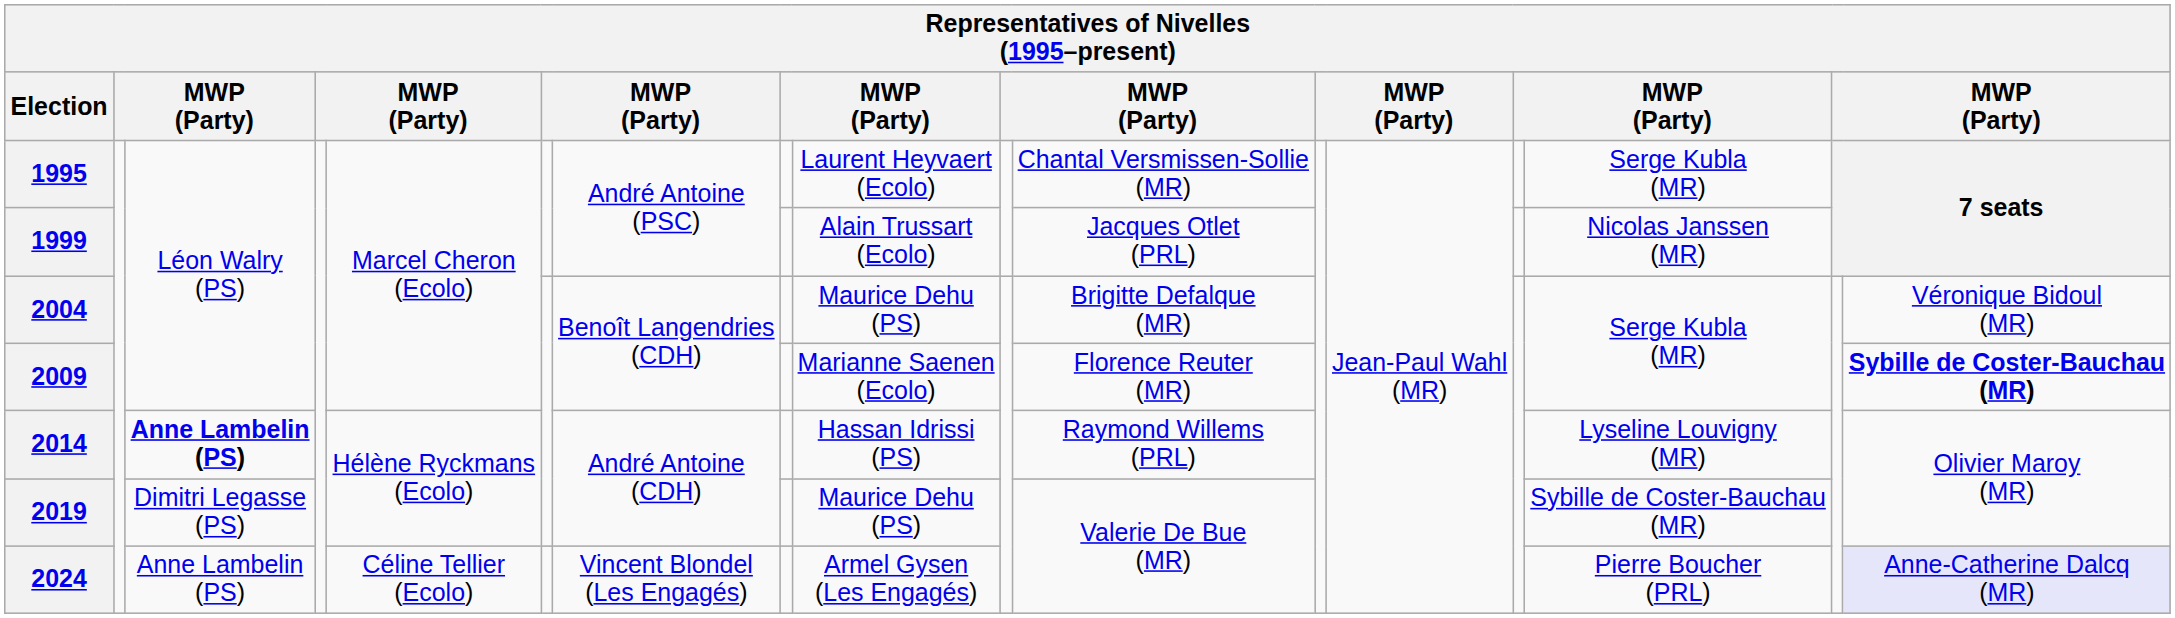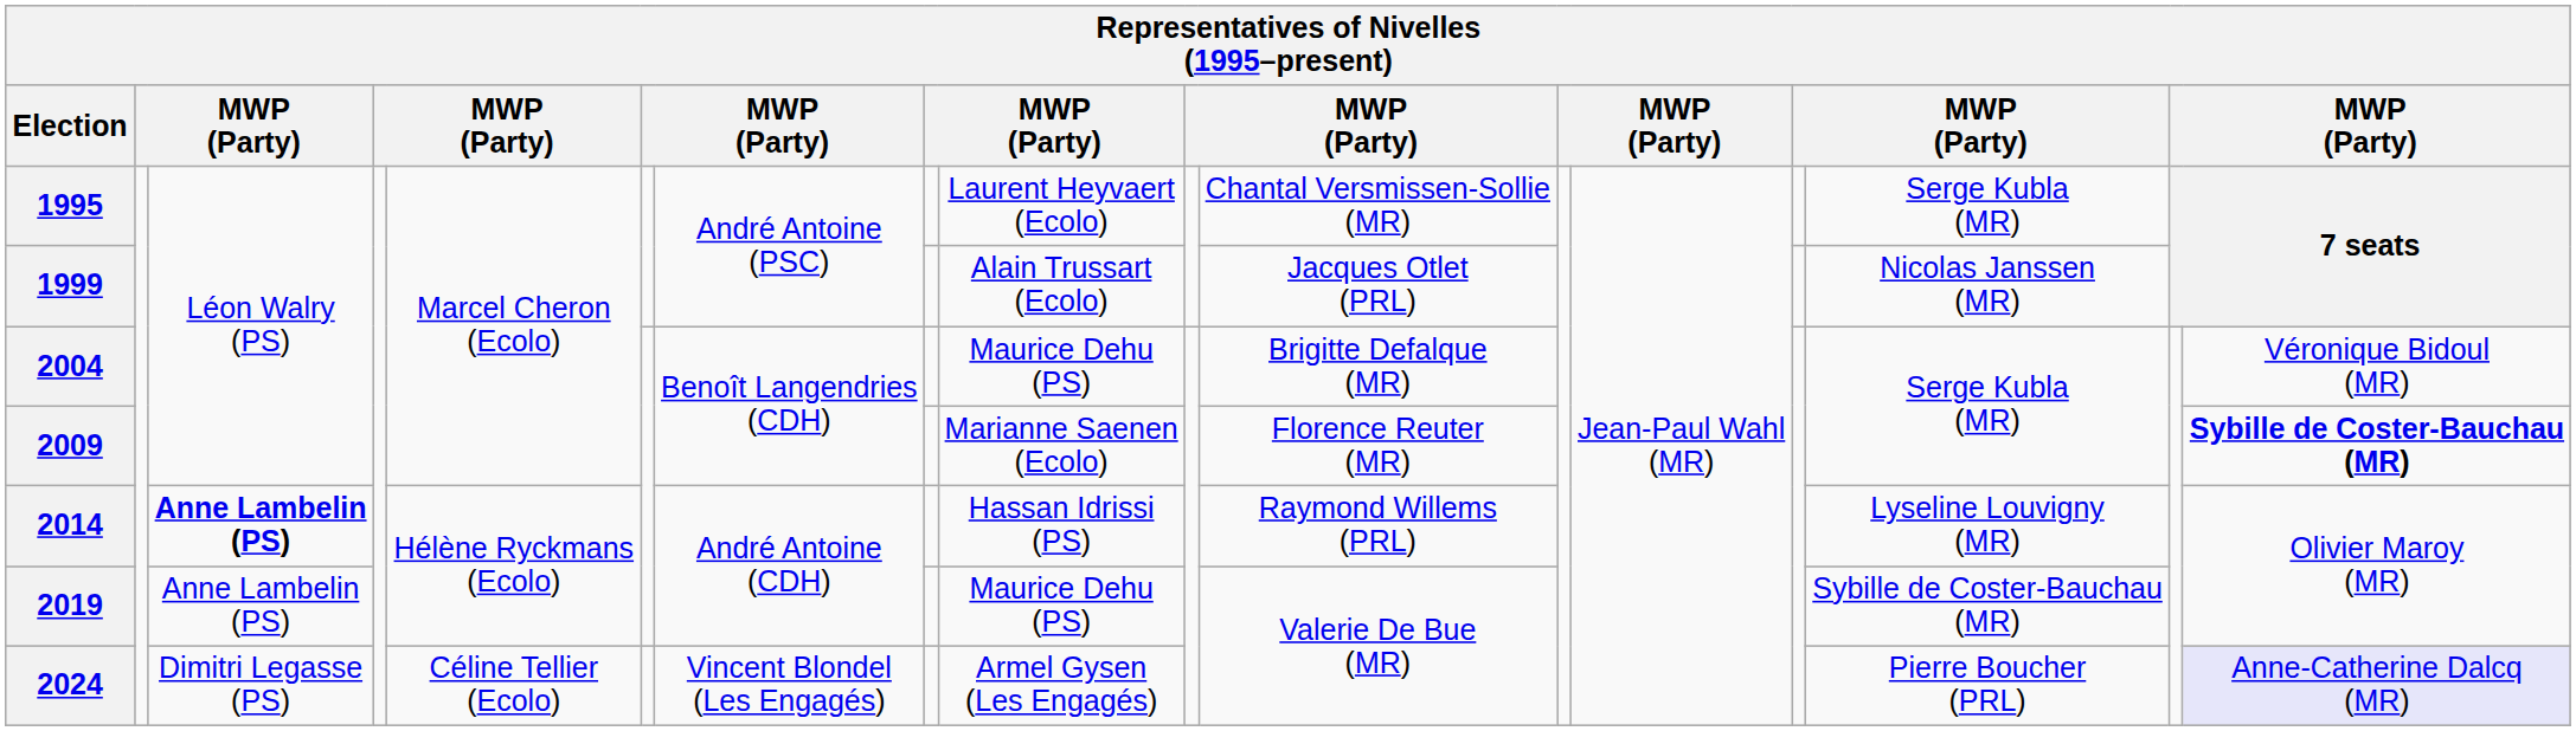 <table class="wikitable" style="text-align:center">
 <tr>
 <th colspan="17">Representatives of Nivelles<br>(<a href='#'>1995</a>–present)</th>
 </tr>
 <tr>
 <th>Election</th>
 <th colspan=2>MWP<br>(Party)</th>
 <th colspan=2>MWP<br>(Party)</th>
 <th colspan=2>MWP<br>(Party)</th>
 <th colspan=2>MWP<br>(Party)</th>
 <th colspan=2>MWP<br>(Party)</th>
 <th colspan=2>MWP<br>(Party)</th>
 <th colspan=2>MWP<br>(Party)</th>
 <th colspan=2>MWP<br>(Party)</th>
 </tr>
 <tr>
 <th><a href='#'>1995</a></th>
 <td rowspan=7; style="background-color: "></td>
 <td rowspan=4><a href='#'>Léon Walry</a><br>(<a href='#'>PS</a>)</td>
 <td rowspan=7; style="background-color: "></td>
 <td rowspan=4><a href='#'>Marcel Cheron</a><br>(<a href='#'>Ecolo</a>)</td>
 <td rowspan=2; style="background-color: "></td>
 <td rowspan=2><a href='#'>André Antoine</a><br>(<a href='#'>PSC</a>)</td>
 <td rowspan=1; style="background-color: "></td>
 <td rowspan=1><a href='#'>Laurent Heyvaert</a><br>(<a href='#'>Ecolo</a>)</td>
 <td rowspan=2; style="background-color: "></td>
 <td rowspan=1><a href='#'>Chantal Versmissen-Sollie</a><br>(<a href='#'>MR</a>)</td>
 <td rowspan=7; style="background-color: "></td>
 <td rowspan=7><a href='#'>Jean-Paul Wahl</a><br>(<a href='#'>MR</a>)</td>
 <td rowspan=1; style="background-color: "></td>
 <td rowspan=1><a href='#'>Serge Kubla</a><br>(<a href='#'>MR</a>)</td>
 <th colspan=2; rowspan=2>7 seats</th>
 </tr>
 <tr>
 <th><a href='#'>1999</a></th>
 <td rowspan=1; style="background-color: "></td>
 <td rowspan=1><a href='#'>Alain Trussart</a><br>(<a href='#'>Ecolo</a>)</td>
 <td rowspan=1><a href='#'>Jacques Otlet</a><br>(<a href='#'>PRL</a>)</td>
 <td rowspan=1; style="background-color: "></td>
 <td rowspan=1><a href='#'>Nicolas Janssen</a><br>(<a href='#'>MR</a>)</td>
 </tr>
 <tr>
 <th><a href='#'>2004</a></th>
 <td rowspan=4; style="background-color: "></td>
 <td rowspan=2><a href='#'>Benoît Langendries</a><br>(<a href='#'>CDH</a>)</td>
 <td rowspan=1; style="background-color: "></td>
 <td rowspan=1><a href='#'>Maurice Dehu</a><br>(<a href='#'>PS</a>)</td>
 <td rowspan=5; style="background-color: "></td>
 <td rowspan=1><a href='#'>Brigitte Defalque</a><br>(<a href='#'>MR</a>)</td>
 <td rowspan=5; style="background-color: "></td>
 <td rowspan=2><a href='#'>Serge Kubla</a><br>(<a href='#'>MR</a>)</td>
 <td rowspan=5; style="background-color: "></td>
 <td rowspan=1><a href='#'>Véronique Bidoul</a><br>(<a href='#'>MR</a>)</td>
 </tr>
 <tr>
 <th><a href='#'>2009</a></th>
 <td rowspan=1; style="background-color: "></td>
 <td rowspan=1><a href='#'>Marianne Saenen</a><br>(<a href='#'>Ecolo</a>)</td>
 <td rowspan=1><a href='#'>Florence Reuter</a><br>(<a href='#'>MR</a>)</td>
 <td rowspan=1><strong><a href='#'>Sybille de Coster-Bauchau</a><br>(<a href='#'>MR</a>)</strong></td>
 </tr>
 <tr>
 <th><a href='#'>2014</a></th>
 <td rowspan=1><strong><a href='#'>Anne Lambelin</a><br>(<a href='#'>PS</a>)</strong></td>
 <td rowspan=2><a href='#'>Hélène Ryckmans</a><br>(<a href='#'>Ecolo</a>)</td>
 <td rowspan=2><a href='#'>André Antoine</a><br>(<a href='#'>CDH</a>)</td>
 <td rowspan=1; style="background-color: "></td>
 <td rowspan=1><a href='#'>Hassan Idrissi</a><br>(<a href='#'>PS</a>)</td>
 <td rowspan=1><a href='#'>Raymond Willems</a><br>(<a href='#'>PRL</a>)</td>
 <td rowspan=1><a href='#'>Lyseline Louvigny</a><br>(<a href='#'>MR</a>)</td>
 <td rowspan=2><a href='#'>Olivier Maroy</a><br>(<a href='#'>MR</a>)</td>
 </tr>
 <tr>
 <th><a href='#'>2019</a></th>
-<td rowspan=1><a href='#'>Dimitri Legasse</a><br>(<a href='#'>PS</a>)</td>
+<td rowspan=1><a href='#'>Anne Lambelin</a><br>(<a href='#'>PS</a>)</td>
 <td rowspan=1; style="background-color: "></td>
 <td rowspan=1><a href='#'>Maurice Dehu</a><br>(<a href='#'>PS</a>)</td>
 <td rowspan=2><a href='#'>Valerie De Bue</a><br>(<a href='#'>MR</a>)</td>
 <td rowspan=1><a href='#'>Sybille de Coster-Bauchau</a><br>(<a href='#'>MR</a>)</td>
 </tr>
 <tr>
 <th><a href='#'>2024</a></th>
-<td rowspan=1><a href='#'>Anne Lambelin</a><br>(<a href='#'>PS</a>)</td>
+<td rowspan=1><a href='#'>Dimitri Legasse</a><br>(<a href='#'>PS</a>)</td>
 <td rowspan=1><a href='#'>Céline Tellier</a><br>(<a href='#'>Ecolo</a>)</td>
 <td rowspan=1; style="background-color: "></td>
 <td rowspan=1><a href='#'>Vincent Blondel</a><br>(<a href='#'>Les Engagés</a>)</td>
 <td rowspan=1; style="background-color: "></td>
 <td rowspan=1><a href='#'>Armel Gysen</a><br>(<a href='#'>Les Engagés</a>)</td>
 <td rowspan=1><a href='#'>Pierre Boucher</a><br>(<a href='#'>PRL</a>)</td>
 <td rowspan=1 style="background: lavender;"><a href='#'>Anne-Catherine Dalcq</a><br>(<a href='#'>MR</a>)</td>
 </tr>
 </table>
